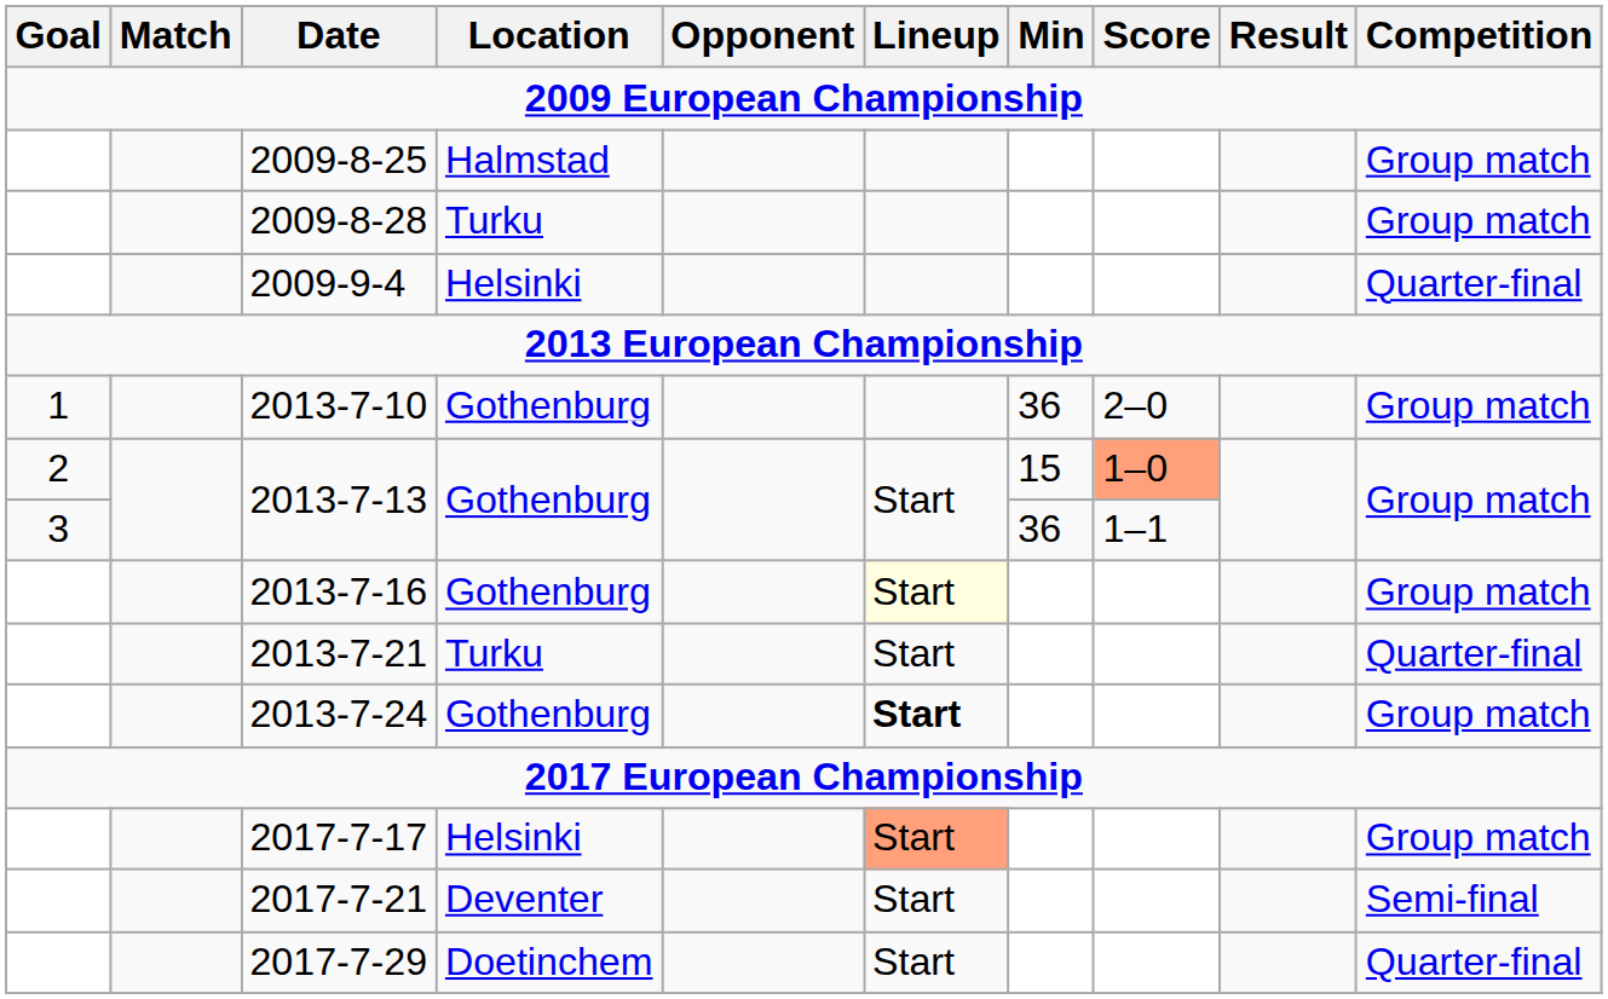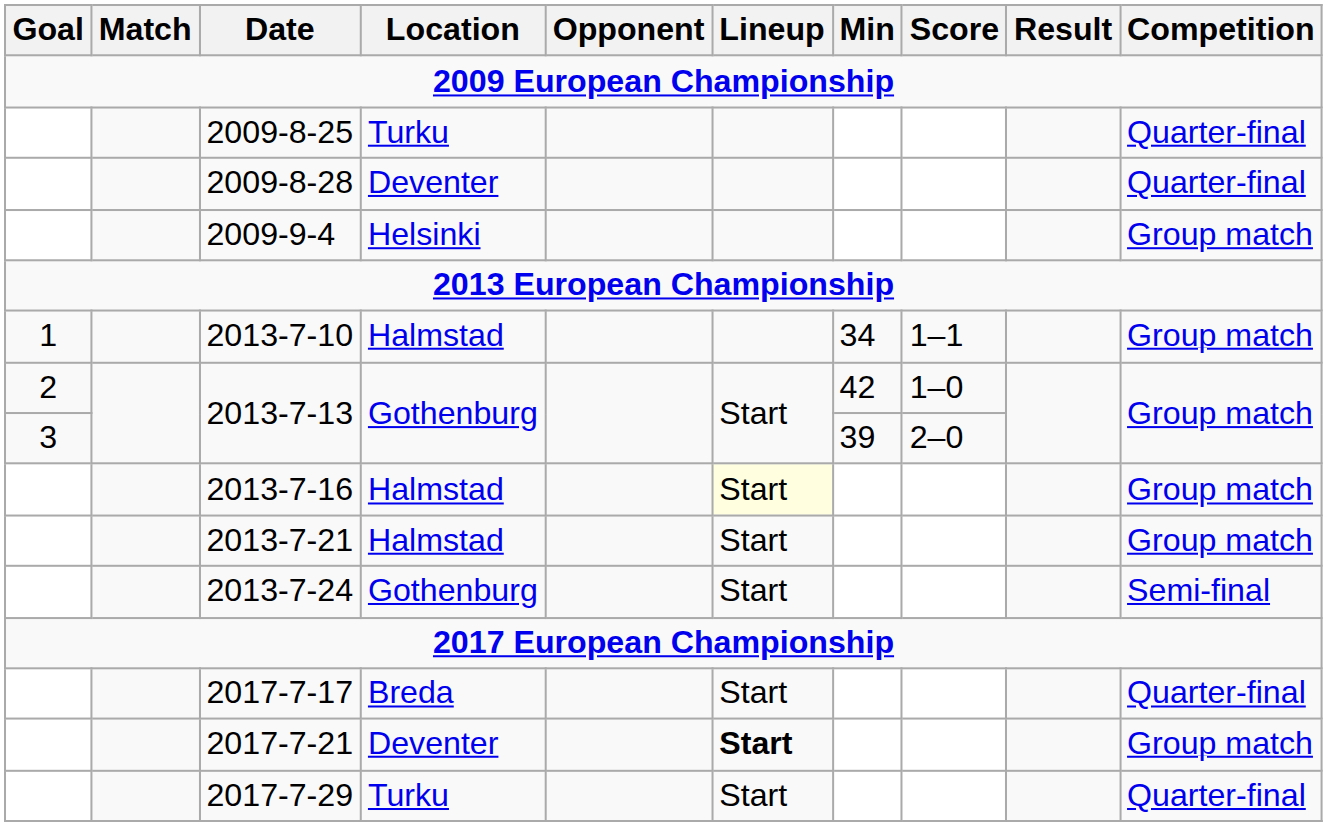 <table class="wikitable collapsible" style="fontsize:90%;">
 <tr>
 <th>Goal</th>
 <th>Match</th>
 <th>Date</th>
 <th>Location</th>
 <th>Opponent</th>
 <th>Lineup</th>
 <th>Min</th>
 <th>Score</th>
 <th>Result</th>
 <th>Competition</th>
 </tr>
 <tr>
 <td colspan=10 align=center><strong><a href='#'>2009 European Championship</a></strong></td>
 </tr>
 <tr>
 <td style="background:white;"></td>
 <td></td>
 <td>2009-8-25</td>
-<td><a href='#'>Halmstad</a></td>
-<td></td>
-<td></td>
-<td style="background:white;"></td>
-<td style="background:white;"></td>
-<td></td>
-<td><a href='#'>Group match</a></td>
-</tr>
-<tr>
-<td style="background:white;"></td>
-<td></td>
-<td>2009-8-28</td>
 <td><a href='#'>Turku</a></td>
 <td></td>
 <td></td>
 <td style="background:white;"></td>
 <td style="background:white;"></td>
 <td></td>
-<td><a href='#'>Group match</a></td>
+<td><a href='#'>Quarter-final</a></td>
+</tr>
+<tr>
+<td style="background:white;"></td>
+<td></td>
+<td>2009-8-28</td>
+<td><a href='#'>Deventer</a></td>
+<td></td>
+<td></td>
+<td style="background:white;"></td>
+<td style="background:white;"></td>
+<td></td>
+<td><a href='#'>Quarter-final</a></td>
 </tr>
 <tr>
 <td style="background:white;"></td>
 <td></td>
 <td>2009-9-4</td>
 <td><a href='#'>Helsinki</a></td>
 <td></td>
 <td></td>
 <td style="background:white;"></td>
 <td style="background:white;"></td>
 <td></td>
-<td><a href='#'>Quarter-final</a></td>
+<td><a href='#'>Group match</a></td>
 </tr>
 <tr>
 <td colspan=10 align=center><strong><a href='#'>2013 European Championship</a></strong></td>
 </tr>
 <tr>
 <td align=center>1</td>
 <td></td>
 <td>2013-7-10</td>
-<td><a href='#'>Gothenburg</a></td>
+<td><a href='#'>Halmstad</a></td>
 <td></td>
 <td></td>
-<td>36</td>
-<td>2–0</td>
+<td>34</td>
+<td>1–1</td>
 <td></td>
 <td><a href='#'>Group match</a></td>
 </tr>
 <tr>
 <td align=center>2</td>
 <td align=center rowspan=2></td>
 <td rowspan=2>2013-7-13</td>
 <td rowspan=2><a href='#'>Gothenburg</a></td>
 <td rowspan=2></td>
 <td rowspan=2>Start</td>
-<td>15</td>
-<td style="background: lightsalmon;">1–0</td>
+<td>42</td>
+<td>1–0</td>
 <td rowspan=2></td>
 <td rowspan=2><a href='#'>Group match</a></td>
 </tr>
 <tr>
 <td align=center>3</td>
-<td>36</td>
-<td>1–1</td>
+<td>39</td>
+<td>2–0</td>
 </tr>
 <tr>
 <td style="background:white;"></td>
 <td></td>
 <td>2013-7-16</td>
-<td><a href='#'>Gothenburg</a></td>
+<td><a href='#'>Halmstad</a></td>
 <td></td>
 <td style="background: lightyellow;">Start</td>
 <td style="background:white;"></td>
 <td style="background:white;"></td>
 <td></td>
 <td><a href='#'>Group match</a></td>
 </tr>
 <tr>
 <td style="background:white;"></td>
 <td></td>
 <td>2013-7-21</td>
-<td><a href='#'>Turku</a></td>
+<td><a href='#'>Halmstad</a></td>
+<td></td>
+<td>Start</td>
+<td style="background:white;"></td>
+<td style="background:white;"></td>
+<td></td>
+<td><a href='#'>Group match</a></td>
+</tr>
+<tr>
+<td style="background:white;"></td>
+<td></td>
+<td>2013-7-24</td>
+<td><a href='#'>Gothenburg</a></td>
+<td></td>
+<td>Start</td>
+<td style="background:white;"></td>
+<td style="background:white;"></td>
+<td></td>
+<td><a href='#'>Semi-final</a></td>
+</tr>
+<tr>
+<td colspan=10 align=center><strong><a href='#'>2017 European Championship</a></strong></td>
+</tr>
+<tr>
+<td style="background:white;"></td>
+<td></td>
+<td>2017-7-17</td>
+<td><a href='#'>Breda</a></td>
 <td></td>
 <td>Start</td>
 <td style="background:white;"></td>
 <td style="background:white;"></td>
 <td></td>
 <td><a href='#'>Quarter-final</a></td>
 </tr>
 <tr>
 <td style="background:white;"></td>
 <td></td>
-<td>2013-7-24</td>
-<td><a href='#'>Gothenburg</a></td>
+<td>2017-7-21</td>
+<td><a href='#'>Deventer</a></td>
 <td></td>
 <td><strong>Start</strong></td>
 <td style="background:white;"></td>
 <td style="background:white;"></td>
 <td></td>
 <td><a href='#'>Group match</a></td>
 </tr>
 <tr>
-<td colspan=10 align=center><strong><a href='#'>2017 European Championship</a></strong></td>
-</tr>
-<tr>
-<td style="background:white;"></td>
-<td></td>
-<td>2017-7-17</td>
-<td><a href='#'>Helsinki</a></td>
-<td></td>
-<td style="background: lightsalmon;">Start</td>
-<td style="background:white;"></td>
-<td style="background:white;"></td>
-<td></td>
-<td><a href='#'>Group match</a></td>
-</tr>
-<tr>
-<td style="background:white;"></td>
-<td></td>
-<td>2017-7-21</td>
-<td><a href='#'>Deventer</a></td>
-<td></td>
-<td>Start</td>
-<td style="background:white;"></td>
-<td style="background:white;"></td>
-<td></td>
-<td><a href='#'>Semi-final</a></td>
-</tr>
-<tr>
 <td style="background:white;"></td>
 <td></td>
 <td>2017-7-29</td>
-<td><a href='#'>Doetinchem</a></td>
+<td><a href='#'>Turku</a></td>
 <td></td>
 <td>Start</td>
 <td style="background:white;"></td>
 <td style="background:white;"></td>
 <td></td>
 <td><a href='#'>Quarter-final</a></td>
 </tr>
 <tr>
 </tr>
 </table>
